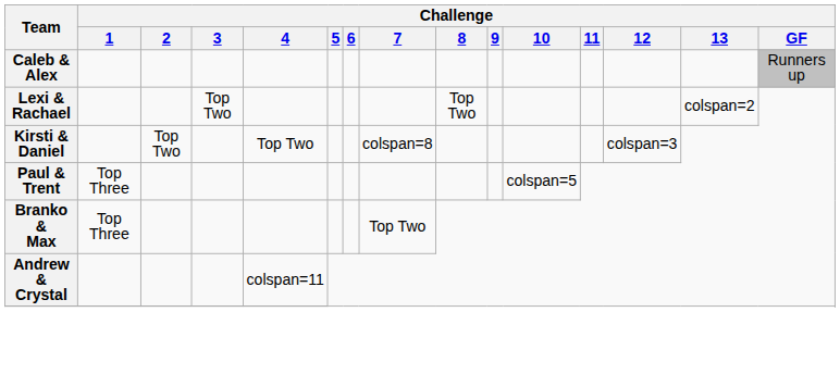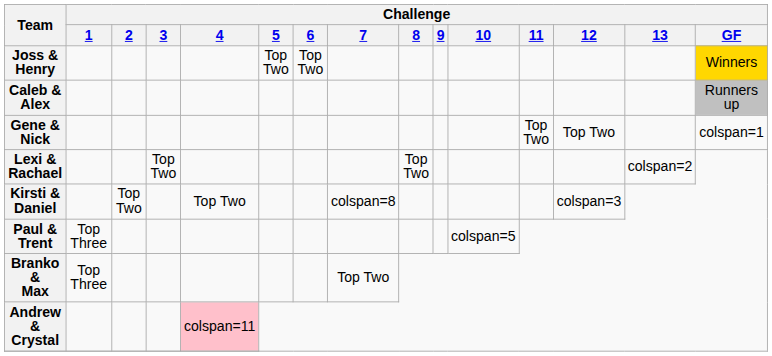 <table class="wikitable plainrowheaders" style="text-align: center; line-height:16px;">
 <tr>
 <th rowspan=2 scope="col">Team</th>
 <th colspan=14 scope="col">Challenge</th>
 </tr>
 <tr>
 <th scope="col"><a href='#'>1</a></th>
 <th scope="col"><a href='#'>2</a></th>
 <th scope="col"><a href='#'>3</a></th>
 <th scope="col"><a href='#'>4</a></th>
 <th scope="col"><a href='#'>5</a></th>
 <th scope="col"><a href='#'>6</a></th>
 <th scope="col"><a href='#'>7</a></th>
 <th scope="col"><a href='#'>8</a></th>
 <th scope="col"><a href='#'>9</a></th>
 <th scope="col"><a href='#'>10</a></th>
 <th scope="col"><a href='#'>11</a></th>
 <th scope="col"><a href='#'>12</a></th>
 <th scope="col"><a href='#'>13</a></th>
 <th scope="col"><a href='#'>GF</a></th>
 </tr>
 <tr>
+<th>Joss &<br>Henry</th>
+<td></td>
+<td></td>
+<td></td>
+<td></td>
+<td>Top Two</td>
+<td>Top Two</td>
+<td></td>
+<td></td>
+<td></td>
+<td></td>
+<td></td>
+<td></td>
+<td></td>
+<td style="background:gold">Winners</td>
+</tr>
+<tr>
 <th>Caleb &<br>Alex</th>
 <td></td>
 <td></td>
 <td></td>
 <td></td>
 <td></td>
 <td></td>
 <td></td>
 <td></td>
 <td></td>
 <td></td>
 <td></td>
 <td></td>
 <td></td>
 <td style="background:silver">Runners up</td>
+</tr>
+<tr>
+<th>Gene &<br>Nick</th>
+<td></td>
+<td></td>
+<td></td>
+<td></td>
+<td></td>
+<td></td>
+<td></td>
+<td></td>
+<td></td>
+<td></td>
+<td>Top Two</td>
+<td>Top Two</td>
+<td></td>
+<td>colspan=1 </td>
 </tr>
 <tr>
 <th>Lexi &<br>Rachael</th>
 <td></td>
 <td></td>
 <td>Top Two</td>
 <td></td>
 <td></td>
 <td></td>
 <td></td>
 <td>Top Two</td>
 <td></td>
 <td></td>
 <td></td>
 <td></td>
 <td>colspan=2 </td>
 </tr>
 <tr>
 <th>Kirsti &<br>Daniel</th>
 <td></td>
 <td>Top Two</td>
 <td></td>
 <td>Top Two</td>
 <td></td>
 <td></td>
 <td>colspan=8 </td>
 <td></td>
 <td></td>
 <td></td>
 <td></td>
 <td>colspan=3 </td>
 </tr>
 <tr>
 <th>Paul &<br>Trent</th>
 <td>Top Three</td>
 <td></td>
 <td></td>
 <td></td>
 <td></td>
 <td></td>
 <td></td>
 <td></td>
 <td></td>
 <td>colspan=5 </td>
 </tr>
 <tr>
 <th>Branko &<br>Max</th>
 <td>Top Three</td>
 <td></td>
 <td></td>
 <td></td>
 <td></td>
 <td></td>
 <td>Top Two</td>
 </tr>
 <tr>
 <th>Andrew &<br>Crystal</th>
 <td></td>
 <td></td>
 <td></td>
-<td>colspan=11 </td>
+<td style="background: pink;">colspan=11 </td>
 </tr>
 <tr>
 </tr>
 </table>
